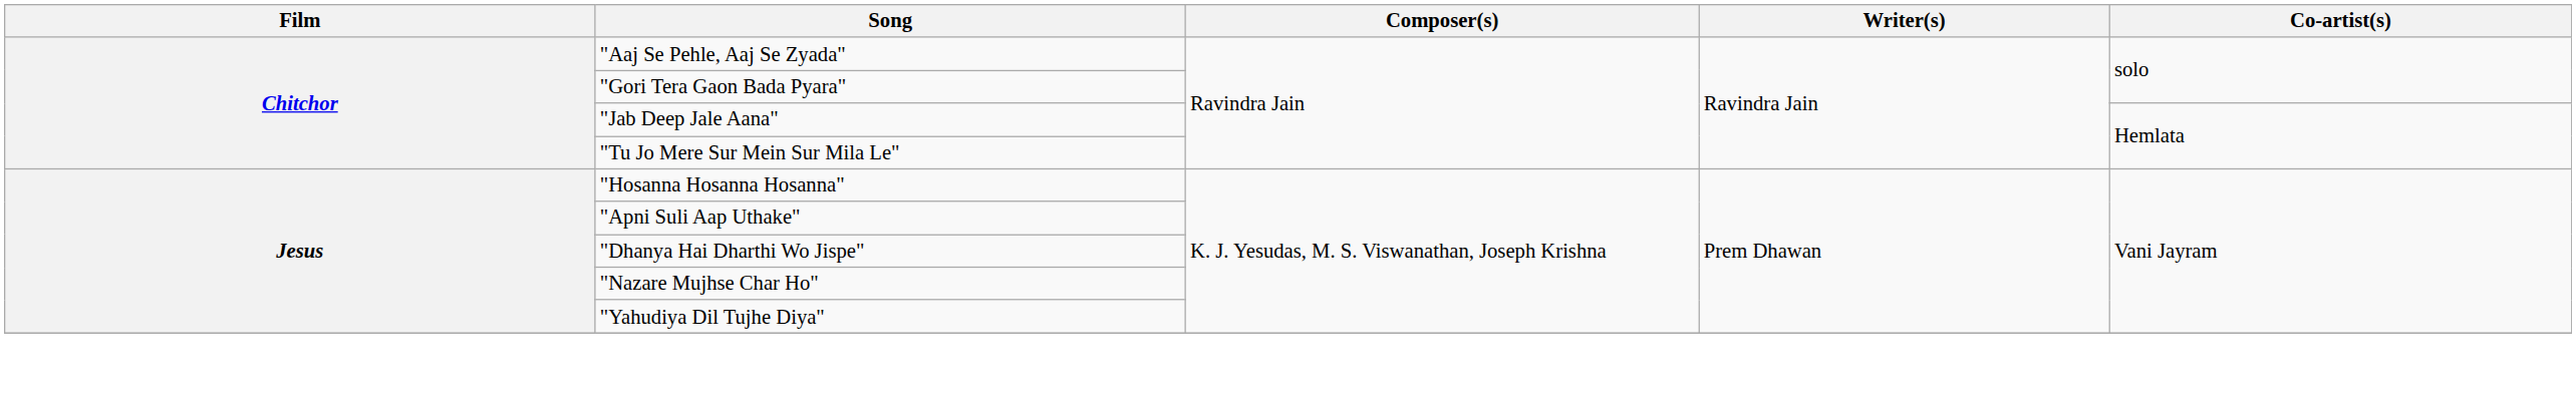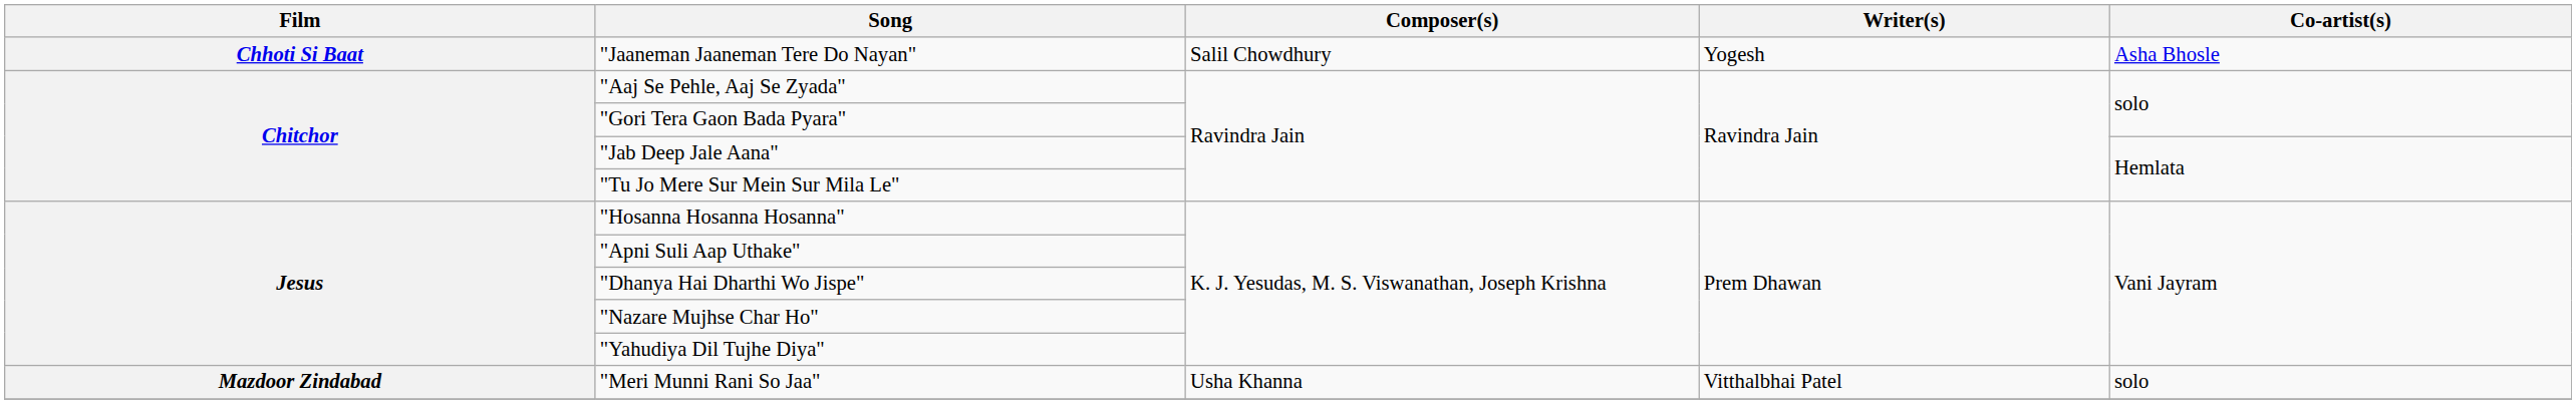 <table class="wikitable plainrowheaders" style="width:100%;" textcolor:#000;">
 <tr style="background:#b0e0e66;">
 <th scope="col" style="width:23%;"><strong>Film</strong></th>
 <th scope="col" style="width:23%;"><strong>Song</strong></th>
 <th scope="col" style="width:20%;"><strong>Composer(s)</strong></th>
 <th scope="col" style="width:16%;"><strong>Writer(s)</strong></th>
 <th scope="col" style="width:18%;"><strong>Co-artist(s)</strong></th>
+</tr>
+<tr>
+<th><em><a href='#'>Chhoti Si Baat</a></em></th>
+<td>"Jaaneman Jaaneman Tere Do Nayan"</td>
+<td>Salil Chowdhury</td>
+<td>Yogesh</td>
+<td><a href='#'>Asha Bhosle</a></td>
 </tr>
 <tr>
 <th Rowspan=4><em><a href='#'>Chitchor</a></em></th>
 <td>"Aaj Se Pehle, Aaj Se Zyada"</td>
 <td rowspan=4>Ravindra Jain</td>
 <td rowspan=4>Ravindra Jain</td>
 <td rowspan=2>solo</td>
 </tr>
 <tr>
 <td>"Gori Tera Gaon Bada Pyara"</td>
 </tr>
 <tr>
 <td>"Jab Deep Jale Aana"</td>
 <td rowspan=2>Hemlata</td>
 </tr>
 <tr>
 <td>"Tu Jo Mere Sur Mein Sur Mila Le"</td>
 </tr>
 <tr>
 <th Rowspan=5><em>Jesus</em></th>
 <td>"Hosanna Hosanna Hosanna"</td>
 <td rowspan=5>K. J. Yesudas, M. S. Viswanathan, Joseph Krishna</td>
 <td rowspan=5>Prem Dhawan</td>
 <td rowspan=5>Vani Jayram</td>
 </tr>
 <tr>
 <td>"Apni Suli Aap Uthake"</td>
 </tr>
 <tr>
 <td>"Dhanya Hai Dharthi Wo Jispe"</td>
 </tr>
 <tr>
 <td>"Nazare Mujhse Char Ho"</td>
 </tr>
 <tr>
 <td>"Yahudiya Dil Tujhe Diya"</td>
 </tr>
 <tr>
+<th><em>Mazdoor Zindabad</em></th>
+<td>"Meri Munni Rani So Jaa"</td>
+<td>Usha Khanna</td>
+<td>Vitthalbhai Patel</td>
+<td>solo</td>
+</tr>
+<tr>
 </tr>
 </table>
